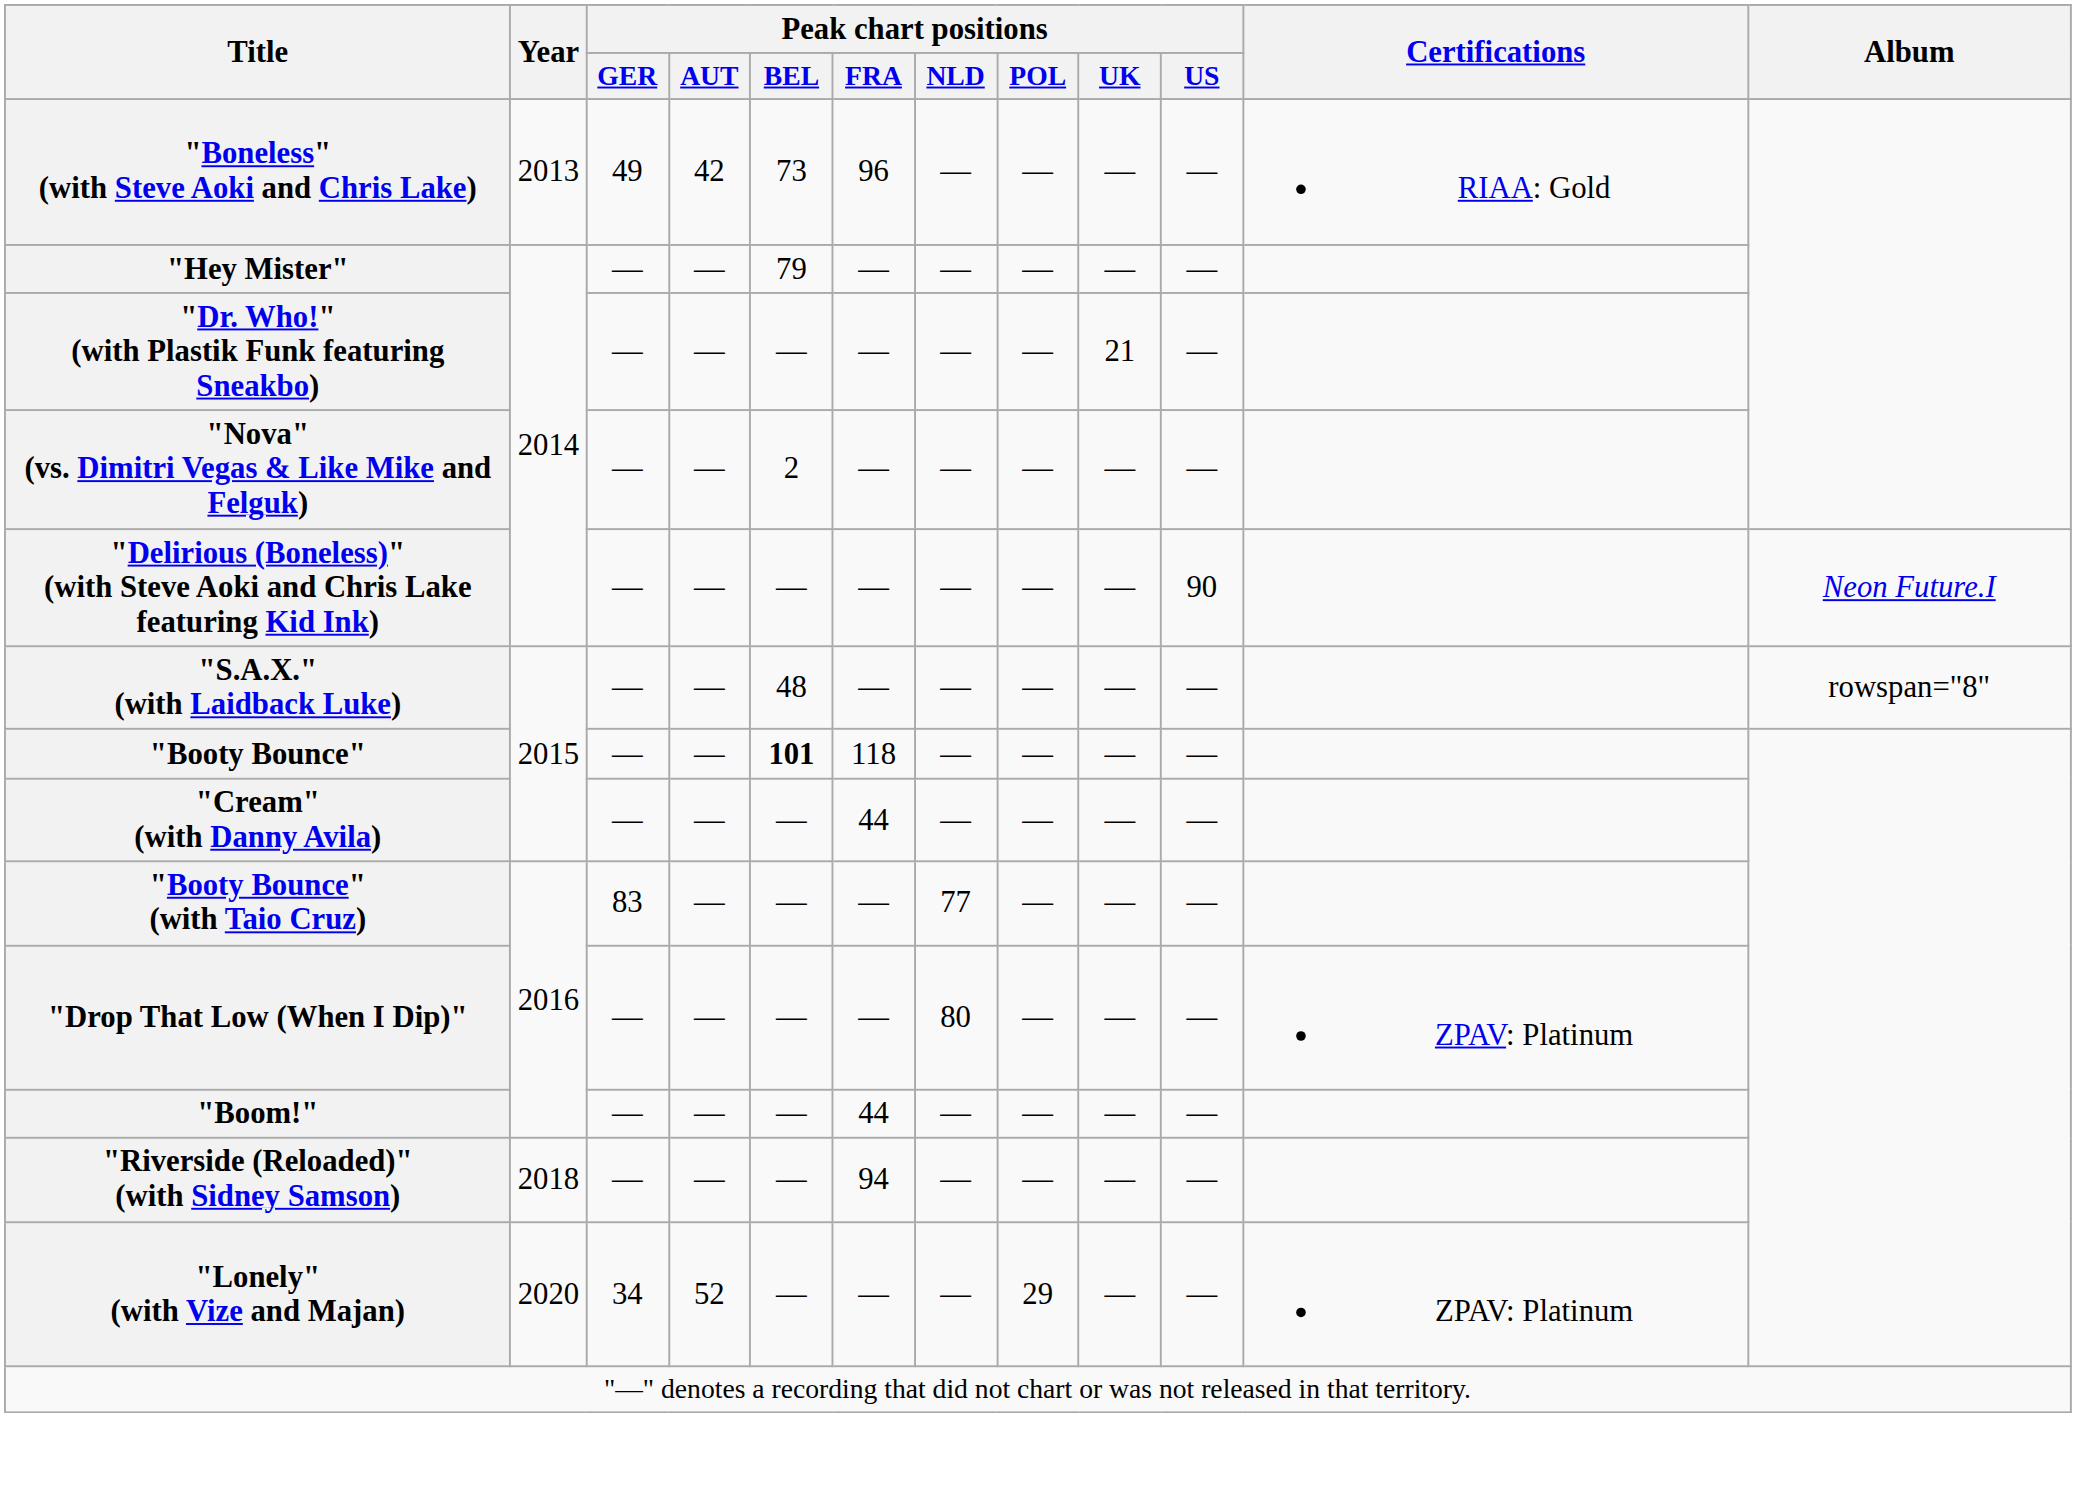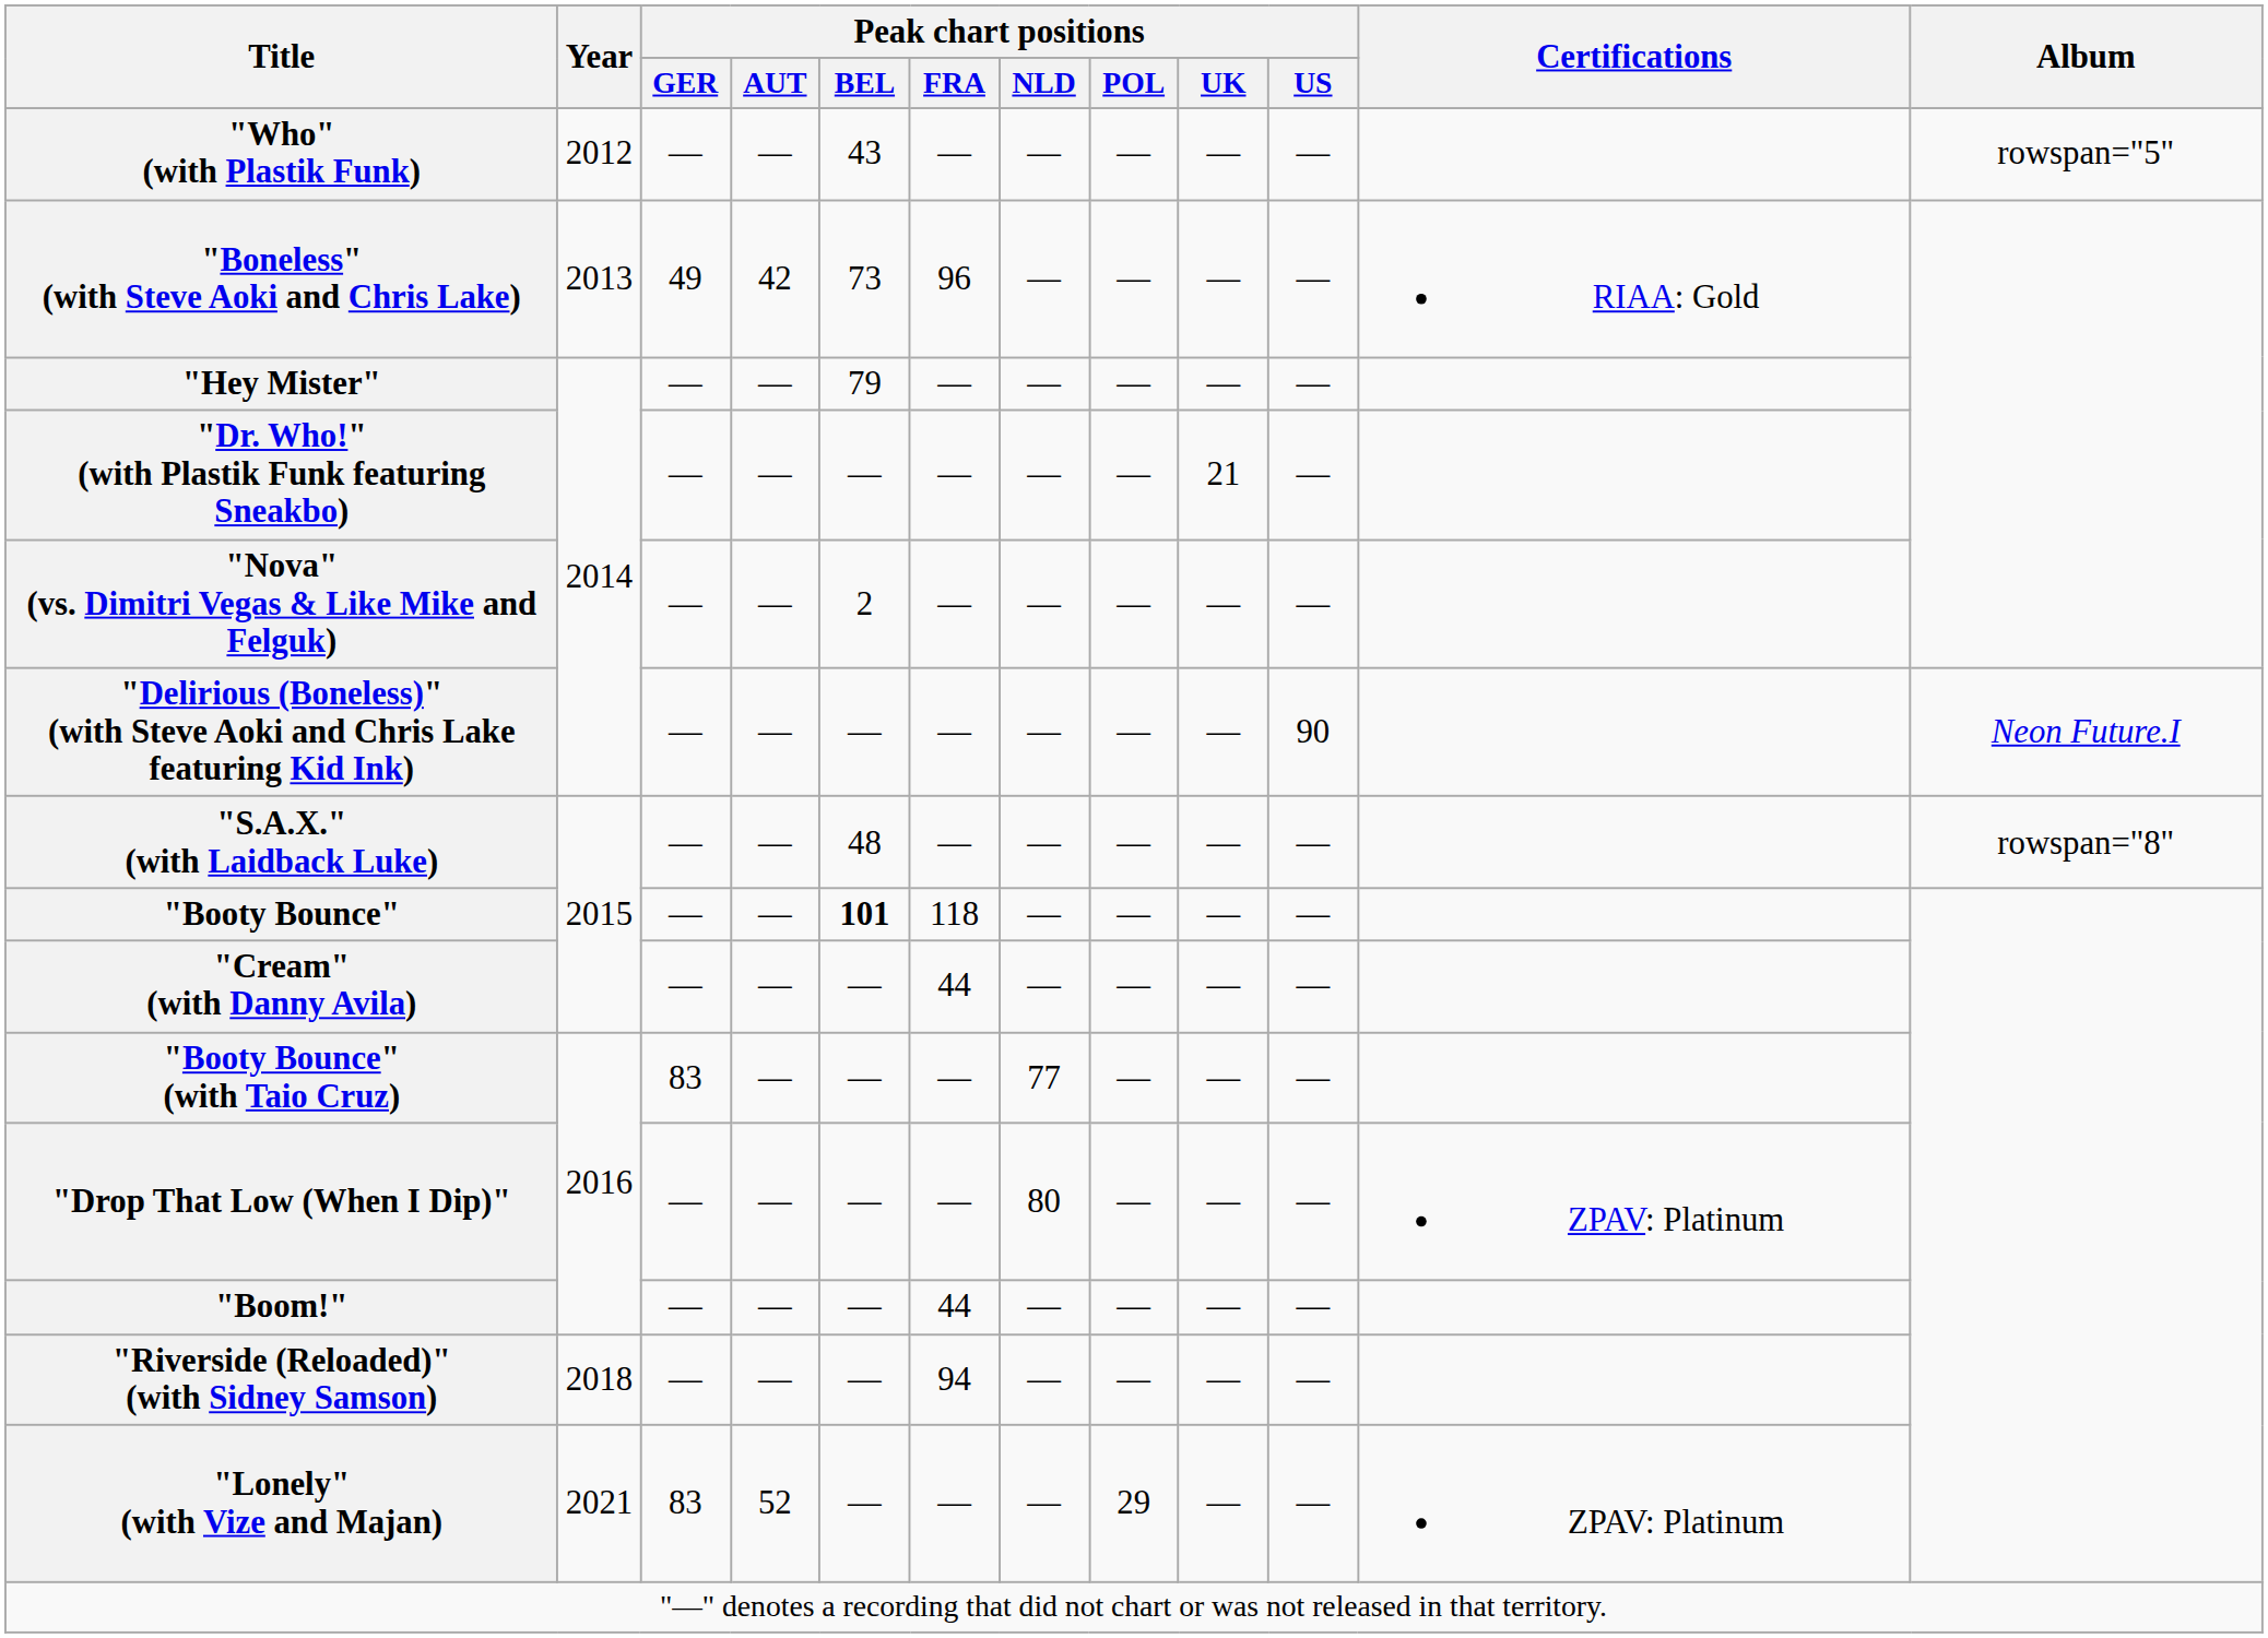 <table class="wikitable plainrowheaders" style="text-align:center;" border="1">
 <tr>
 <th scope="col" rowspan="2" style="width:16em;">Title</th>
 <th scope="col" rowspan="2" style="width:1em;">Year</th>
 <th colspan="8" scope="col">Peak chart positions</th>
 <th scope="col" rowspan="2" style="width:16em;"><a href='#'>Certifications</a></th>
 <th scope="col" rowspan="2" style="width:10em;">Album</th>
 </tr>
 <tr>
 <th scope="col" style="width:2.5em;font-size:90%;"><a href='#'>GER</a><br></th>
 <th scope="col" style="width:2.5em;font-size:90%;"><a href='#'>AUT</a><br></th>
 <th scope="col" style="width:2.5em;font-size:90%;"><a href='#'>BEL</a><br></th>
 <th scope="col" style="width:2.5em;font-size:90%;"><a href='#'>FRA</a><br></th>
 <th scope="col" style="width:2.5em;font-size:90%;"><a href='#'>NLD</a><br></th>
 <th scope="col" style="width:2.5em;font-size:90%;"><a href='#'>POL</a><br></th>
 <th scope="col" style="width:2.5em;font-size:90%;"><a href='#'>UK</a></th>
 <th scope="col" style="width:2.5em;font-size:90%;"><a href='#'>US</a></th>
+</tr>
+<tr>
+<th scope="row">"Who" <br><span>(with <a href='#'>Plastik Funk</a>)</span></th>
+<td>2012</td>
+<td>—</td>
+<td>—</td>
+<td>43</td>
+<td>—</td>
+<td>—</td>
+<td>—</td>
+<td>—</td>
+<td>—</td>
+<td></td>
+<td>rowspan="5" </td>
 </tr>
 <tr>
 <th scope="row">"<a href='#'>Boneless</a>" <br><span>(with <a href='#'>Steve Aoki</a> and <a href='#'>Chris Lake</a>)</span></th>
 <td>2013</td>
 <td>49</td>
 <td>42</td>
 <td>73</td>
 <td>96</td>
 <td>—</td>
 <td>—</td>
 <td>—</td>
 <td>—</td>
 <td><br><ul><li><a href='#'>RIAA</a>: Gold</li></ul></td>
 </tr>
 <tr>
 <th scope="row">"Hey Mister"</th>
 <td rowspan="4">2014</td>
 <td>—</td>
 <td>—</td>
 <td>79</td>
 <td>—</td>
 <td>—</td>
 <td>—</td>
 <td>—</td>
 <td>—</td>
 <td></td>
 </tr>
 <tr>
 <th scope="row">"<a href='#'>Dr. Who!</a>" <br><span>(with Plastik Funk featuring <a href='#'>Sneakbo</a>)</span></th>
 <td>—</td>
 <td>—</td>
 <td>—</td>
 <td>—</td>
 <td>—</td>
 <td>—</td>
 <td>21</td>
 <td>—</td>
 <td></td>
 </tr>
 <tr>
 <th scope="row">"Nova" <br><span>(vs. <a href='#'>Dimitri Vegas & Like Mike</a> and <a href='#'>Felguk</a>)</span></th>
 <td>—</td>
 <td>—</td>
 <td>2</td>
 <td>—</td>
 <td>—</td>
 <td>—</td>
 <td>—</td>
 <td>—</td>
 <td></td>
 </tr>
 <tr>
 <th scope="row">"<a href='#'>Delirious (Boneless)</a>" <br><span>(with Steve Aoki and Chris Lake featuring <a href='#'>Kid Ink</a>)</span></th>
 <td>—</td>
 <td>—</td>
 <td>—</td>
 <td>—</td>
 <td>—</td>
 <td>—</td>
 <td>—</td>
 <td>90</td>
 <td></td>
 <td><em><a href='#'>Neon Future.I</a></em></td>
 </tr>
 <tr>
 <th scope="row">"S.A.X." <br><span>(with <a href='#'>Laidback Luke</a>)</span></th>
 <td rowspan="3">2015</td>
 <td>—</td>
 <td>—</td>
 <td>48</td>
 <td>—</td>
 <td>—</td>
 <td>—</td>
 <td>—</td>
 <td>—</td>
 <td></td>
 <td>rowspan="8" </td>
 </tr>
 <tr>
 <th scope="row">"Booty Bounce"</th>
 <td>—</td>
 <td>—</td>
 <td><strong>101</strong></td>
 <td>118</td>
 <td>—</td>
 <td>—</td>
 <td>—</td>
 <td>—</td>
 <td></td>
 </tr>
 <tr>
 <th scope="row">"Cream" <br><span>(with <a href='#'>Danny Avila</a>)</span></th>
 <td>—</td>
 <td>—</td>
 <td>—</td>
 <td>44</td>
 <td>—</td>
 <td>—</td>
 <td>—</td>
 <td>—</td>
 <td></td>
 </tr>
 <tr>
 <th scope="row">"<a href='#'>Booty Bounce</a>" <br><span>(with <a href='#'>Taio Cruz</a>)</span></th>
 <td rowspan="3">2016</td>
 <td>83</td>
 <td>—</td>
 <td>—</td>
 <td>—</td>
 <td>77</td>
 <td>—</td>
 <td>—</td>
 <td>—</td>
 <td></td>
 </tr>
 <tr>
 <th scope="row">"Drop That Low (When I Dip)"</th>
 <td>—</td>
 <td>—</td>
 <td>—</td>
 <td>—</td>
 <td>80</td>
 <td>—</td>
 <td>—</td>
 <td>—</td>
 <td><br><ul><li><a href='#'>ZPAV</a>: Platinum</li></ul></td>
 </tr>
 <tr>
 <th scope="row">"Boom!"</th>
 <td>—</td>
 <td>—</td>
 <td>—</td>
 <td>44</td>
 <td>—</td>
 <td>—</td>
 <td>—</td>
 <td>—</td>
 <td></td>
 </tr>
 <tr>
 <th scope="row">"Riverside (Reloaded)" <br><span>(with <a href='#'>Sidney Samson</a>)</span></th>
 <td>2018</td>
 <td>—</td>
 <td>—</td>
 <td>—</td>
 <td>94</td>
 <td>—</td>
 <td>—</td>
 <td>—</td>
 <td>—</td>
 <td></td>
 </tr>
 <tr>
 <th scope="row">"Lonely"<br><span>(with <a href='#'>Vize</a> and Majan)</span></th>
-<td>2020</td>
-<td>34</td>
+<td>2021</td>
+<td>83</td>
 <td>52</td>
 <td>—</td>
 <td>—</td>
 <td>—</td>
 <td>29</td>
 <td>—</td>
 <td>—</td>
 <td><br><ul><li>ZPAV: Platinum</li></ul></td>
 </tr>
 <tr>
 <td colspan="12" style="font-size:90%">"—" denotes a recording that did not chart or was not released in that territory.</td>
 </tr>
 </table>
